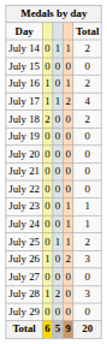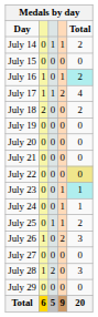 <table class="wikitable" style="font-size:85%; float:right">
 <tr align=center>
 <th colspan=7><strong>Medals by day</strong></th>
 </tr>
 <tr align=center>
 <td><strong>Day</strong></td>
 <td style="background:#f7f6a8;"></td>
 <td style="background:#dce5e5;"></td>
 <td style="background:#ffdab9;"></td>
 <td><strong>Total</strong></td>
 </tr>
 <tr align=center>
 <td>July 14</td>
 <td style="background:#f7f6a8;">0</td>
 <td style="background:#dce5e5;">1</td>
 <td style="background:#ffdab9;">1</td>
 <td>2</td>
 </tr>
 <tr align=center>
 <td>July 15</td>
 <td style="background:#f7f6a8;">0</td>
 <td style="background:#dce5e5;">0</td>
 <td style="background:#ffdab9;">0</td>
 <td>0</td>
 </tr>
 <tr align=center>
 <td>July 16</td>
 <td style="background:#f7f6a8;">1</td>
 <td style="background:#dce5e5;">0</td>
 <td style="background:#ffdab9;">1</td>
-<td>2</td>
+<td style="background: paleturquoise;">2</td>
 </tr>
 <tr align=center>
 <td>July 17</td>
 <td style="background:#f7f6a8;">1</td>
 <td style="background:#dce5e5;">1</td>
 <td style="background:#ffdab9;">2</td>
 <td>4</td>
 </tr>
 <tr align=center>
 <td>July 18</td>
 <td style="background:#f7f6a8;">2</td>
 <td style="background:#dce5e5;">0</td>
 <td style="background:#ffdab9;">0</td>
 <td>2</td>
 </tr>
 <tr align=center>
 <td>July 19</td>
 <td style="background:#f7f6a8;">0</td>
 <td style="background:#dce5e5;">0</td>
 <td style="background:#ffdab9;">0</td>
 <td>0</td>
 </tr>
 <tr align=center>
 <td>July 20</td>
 <td style="background:#f7f6a8;">0</td>
 <td style="background:#dce5e5;">0</td>
 <td style="background:#ffdab9;">0</td>
 <td>0</td>
 </tr>
 <tr align=center>
 <td>July 21</td>
 <td style="background:#f7f6a8;">0</td>
 <td style="background:#dce5e5;">0</td>
 <td style="background:#ffdab9;">0</td>
 <td>0</td>
 </tr>
 <tr align=center>
 <td>July 22</td>
 <td style="background:#f7f6a8;">0</td>
 <td style="background:#dce5e5;">0</td>
 <td style="background:#ffdab9;">0</td>
-<td>0</td>
+<td style="background: khaki;">0</td>
 </tr>
 <tr align=center>
 <td>July 23</td>
 <td style="background:#f7f6a8;">0</td>
 <td style="background:#dce5e5;">0</td>
 <td style="background:#ffdab9;">1</td>
-<td>1</td>
+<td style="background: paleturquoise;">1</td>
 </tr>
 <tr align=center>
 <td>July 24</td>
 <td style="background:#f7f6a8;">0</td>
 <td style="background:#dce5e5;">0</td>
 <td style="background:#ffdab9;">1</td>
 <td>1</td>
 </tr>
 <tr align=center>
 <td>July 25</td>
 <td style="background:#f7f6a8;">0</td>
 <td style="background:#dce5e5;">1</td>
 <td style="background:#ffdab9;">1</td>
 <td>2</td>
 </tr>
 <tr align=center>
 <td>July 26</td>
 <td style="background:#f7f6a8;">1</td>
 <td style="background:#dce5e5;">0</td>
 <td style="background:#ffdab9;">2</td>
 <td>3</td>
 </tr>
 <tr align=center>
 <td>July 27</td>
 <td style="background:#f7f6a8;">0</td>
 <td style="background:#dce5e5;">0</td>
 <td style="background:#ffdab9;">0</td>
 <td>0</td>
 </tr>
 <tr align=center>
 <td>July 28</td>
 <td style="background:#f7f6a8;">1</td>
 <td style="background:#dce5e5;">2</td>
 <td style="background:#ffdab9;">0</td>
 <td>3</td>
 </tr>
 <tr align=center>
 <td>July 29</td>
 <td style="background:#f7f6a8;">0</td>
 <td style="background:#dce5e5;">0</td>
 <td style="background:#ffdab9;">0</td>
 <td>0</td>
 </tr>
 <tr align=center>
 <th><strong>Total</strong></th>
 <th style="background:gold;"><strong>6</strong></th>
 <th style="background:silver;"><strong>5</strong></th>
 <th style="background:#c96;"><strong>9</strong></th>
 <th><strong>20</strong></th>
 </tr>
 </table>
